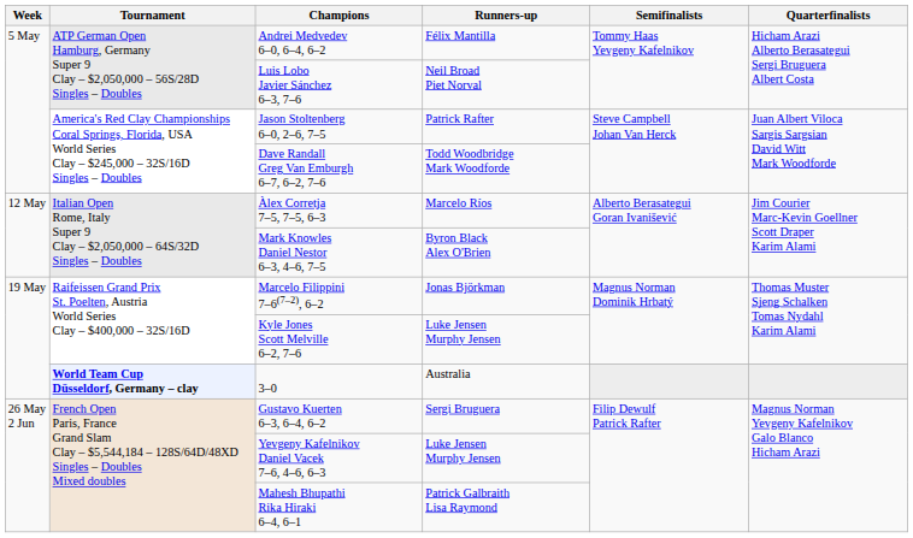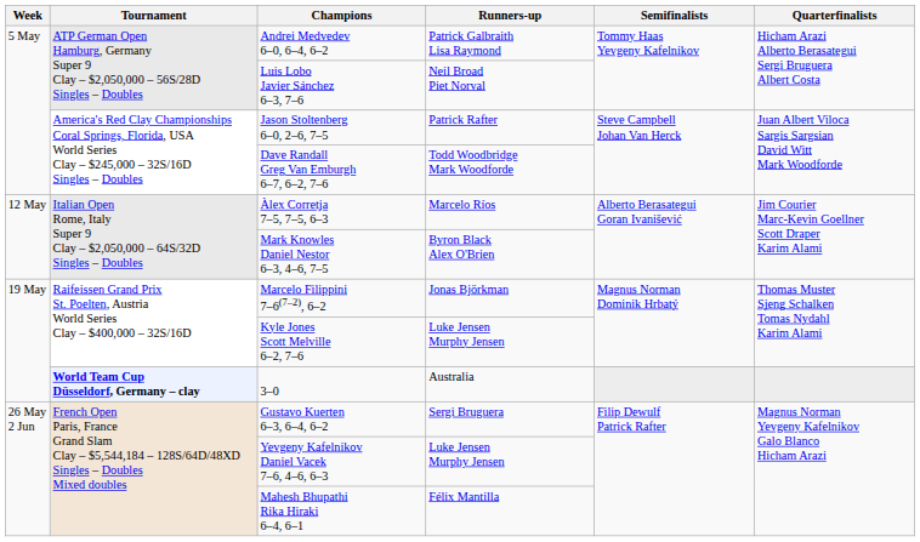 <table class=wikitable style=font-size:95%>
 <tr>
 <th style="width:48px;">Week</th>
 <th style="width:248px;">Tournament</th>
 <th style="width:200px;">Champions</th>
 <th style="width:200px;">Runners-up</th>
 <th style="width:190px;">Semifinalists</th>
 <th style="width:190px;">Quarterfinalists</th>
 </tr>
 <tr valign=top>
 <td rowspan=4>5 May</td>
 <td bgcolor="#E9E9E9" rowspan=2><a href='#'>ATP German Open</a><br><a href='#'>Hamburg</a>, Germany<br>Super 9<br>Clay – $2,050,000 – 56S/28D <br> <a href='#'>Singles</a> – <a href='#'>Doubles</a></td>
 <td> <a href='#'>Andrei Medvedev</a><br> 6–0, 6–4, 6–2</td>
-<td> <a href='#'>Félix Mantilla</a></td>
+<td> <a href='#'>Patrick Galbraith</a><br> <a href='#'>Lisa Raymond</a></td>
 <td rowspan=2> <a href='#'>Tommy Haas</a><br> <a href='#'>Yevgeny Kafelnikov</a></td>
 <td rowspan=2> <a href='#'>Hicham Arazi</a><br> <a href='#'>Alberto Berasategui</a><br> <a href='#'>Sergi Bruguera</a><br> <a href='#'>Albert Costa</a></td>
 </tr>
 <tr valign=top>
 <td> <a href='#'>Luis Lobo</a><br> <a href='#'>Javier Sánchez</a><br> 6–3, 7–6</td>
 <td> <a href='#'>Neil Broad</a><br> <a href='#'>Piet Norval</a></td>
 </tr>
 <tr valign=top>
 <td style="background:#FFF;" rowspan=2><a href='#'>America's Red Clay Championships</a><br><a href='#'>Coral Springs, Florida</a>, USA<br>World Series<br>Clay – $245,000 – 32S/16D <br> <a href='#'>Singles</a> – <a href='#'>Doubles</a></td>
 <td> <a href='#'>Jason Stoltenberg</a><br> 6–0, 2–6, 7–5</td>
 <td> <a href='#'>Patrick Rafter</a></td>
 <td rowspan=2> <a href='#'>Steve Campbell</a><br> <a href='#'>Johan Van Herck</a></td>
 <td rowspan=2> <a href='#'>Juan Albert Viloca</a><br> <a href='#'>Sargis Sargsian</a><br> <a href='#'>David Witt</a><br> <a href='#'>Mark Woodforde</a></td>
 </tr>
 <tr valign=top>
 <td> <a href='#'>Dave Randall</a><br> <a href='#'>Greg Van Emburgh</a><br> 6–7, 6–2, 7–6</td>
 <td> <a href='#'>Todd Woodbridge</a><br> <a href='#'>Mark Woodforde</a></td>
 </tr>
 <tr valign=top>
 <td rowspan=2>12 May</td>
 <td bgcolor="#E9E9E9" rowspan=2><a href='#'>Italian Open</a><br>Rome, Italy<br>Super 9<br>Clay – $2,050,000 – 64S/32D <br> <a href='#'>Singles</a> – <a href='#'>Doubles</a></td>
 <td> <a href='#'>Àlex Corretja</a><br> 7–5, 7–5, 6–3</td>
 <td> <a href='#'>Marcelo Ríos</a></td>
 <td rowspan=2> <a href='#'>Alberto Berasategui</a><br> <a href='#'>Goran Ivanišević</a></td>
 <td rowspan=2> <a href='#'>Jim Courier</a><br> <a href='#'>Marc-Kevin Goellner</a><br> <a href='#'>Scott Draper</a><br> <a href='#'>Karim Alami</a></td>
 </tr>
 <tr valign=top>
 <td> <a href='#'>Mark Knowles</a><br> <a href='#'>Daniel Nestor</a><br> 6–3, 4–6, 7–5</td>
 <td> <a href='#'>Byron Black</a><br> <a href='#'>Alex O'Brien</a></td>
 </tr>
 <tr valign=top>
 <td rowspan=3>19 May</td>
 <td style="background:#FFF;" rowspan=2><a href='#'>Raifeissen Grand Prix</a><br><a href='#'>St. Poelten</a>, Austria<br>World Series<br>Clay – $400,000 – 32S/16D</td>
 <td> <a href='#'>Marcelo Filippini</a><br> 7–6<sup>(7–2)</sup>, 6–2</td>
 <td> <a href='#'>Jonas Björkman</a></td>
 <td rowspan=2> <a href='#'>Magnus Norman</a><br> <a href='#'>Dominik Hrbatý</a></td>
 <td rowspan=2> <a href='#'>Thomas Muster</a><br> <a href='#'>Sjeng Schalken</a><br> <a href='#'>Tomas Nydahl</a><br> <a href='#'>Karim Alami</a></td>
 </tr>
 <tr valign=top>
 <td> <a href='#'>Kyle Jones</a><br> <a href='#'>Scott Melville</a><br> 6–2, 7–6</td>
 <td> <a href='#'>Luke Jensen</a><br> <a href='#'>Murphy Jensen</a></td>
 </tr>
 <tr valign=top>
 <td bgcolor="#ECF2FF" rowspan=1><strong><a href='#'>World Team Cup</a><br><a href='#'>Düsseldorf</a>, Germany – clay</strong></td>
 <td><br>3–0</td>
 <td> Australia</td>
 <td bgcolor="#ededed"></td>
 <td bgcolor="#ededed"></td>
 </tr>
 <tr valign=top>
 <td rowspan=3>26 May<br>2 Jun</td>
 <td bgcolor="#F3E6D7" rowspan=3><a href='#'>French Open</a><br> Paris, France<br>Grand Slam<br>Clay – $5,544,184 – 128S/64D/48XD <br> <a href='#'>Singles</a> – <a href='#'>Doubles</a> <br> <a href='#'>Mixed doubles</a></td>
 <td> <a href='#'>Gustavo Kuerten</a><br>6–3, 6–4, 6–2</td>
 <td> <a href='#'>Sergi Bruguera</a></td>
 <td rowspan=3> <a href='#'>Filip Dewulf</a> <br>  <a href='#'>Patrick Rafter</a></td>
 <td rowspan=3> <a href='#'>Magnus Norman</a> <br>  <a href='#'>Yevgeny Kafelnikov</a> <br>  <a href='#'>Galo Blanco</a> <br>  <a href='#'>Hicham Arazi</a></td>
 </tr>
 <tr valign=top>
 <td> <a href='#'>Yevgeny Kafelnikov</a><br> <a href='#'>Daniel Vacek</a><br> 7–6, 4–6, 6–3</td>
 <td> <a href='#'>Luke Jensen</a><br> <a href='#'>Murphy Jensen</a></td>
 </tr>
 <tr valign=top>
 <td> <a href='#'>Mahesh Bhupathi</a><br> <a href='#'>Rika Hiraki</a><br> 6–4, 6–1</td>
-<td> <a href='#'>Patrick Galbraith</a><br> <a href='#'>Lisa Raymond</a></td>
+<td> <a href='#'>Félix Mantilla</a></td>
 </tr>
 </table>
